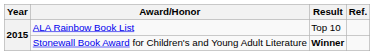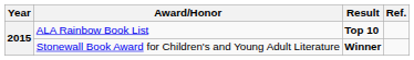 <table class="wikitable">
 <tr>
 <th>Year</th>
 <th>Award/Honor</th>
 <th>Result</th>
 <th>Ref.</th>
 </tr>
 <tr>
 <th rowspan="2">2015</th>
 <td><a href='#'>ALA Rainbow Book List</a></td>
-<td>Top 10</td>
+<td><strong>Top 10</strong></td>
 <td></td>
 </tr>
 <tr>
 <td><a href='#'>Stonewall Book Award</a> for Children's and Young Adult Literature</td>
 <td><strong>Winner</strong></td>
 <td></td>
 </tr>
 </table>
